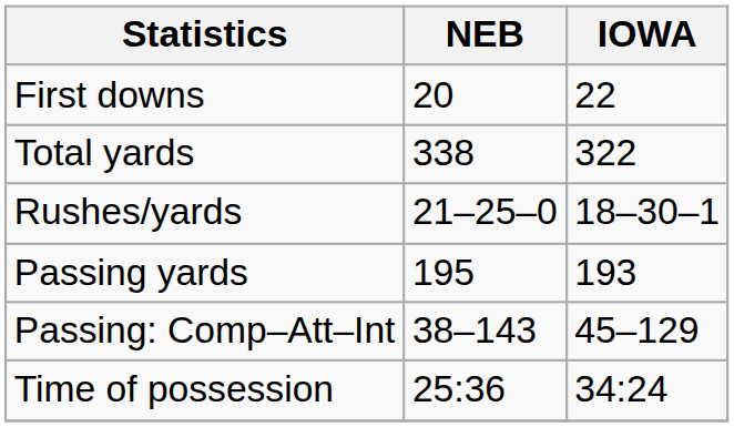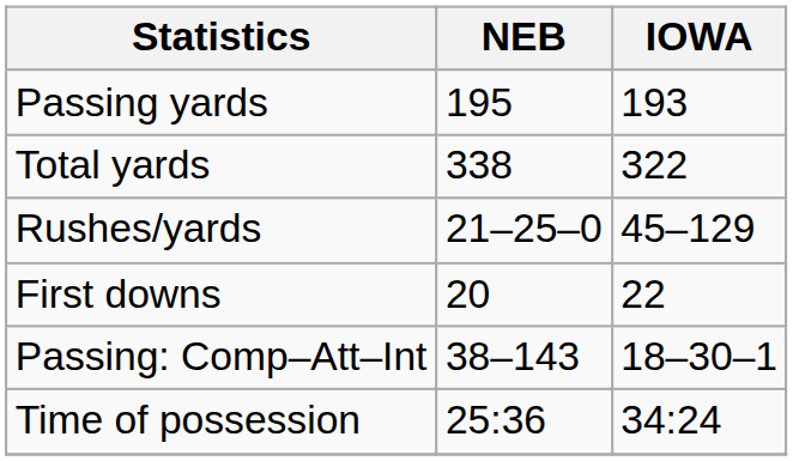 <table class="wikitable" style="float: left;">
 <tr>
 <th>Statistics</th>
 <th>NEB</th>
 <th>IOWA</th>
 </tr>
 <tr>
-<td>First downs</td>
-<td>20</td>
-<td>22</td>
+<td>Passing yards</td>
+<td>195</td>
+<td>193</td>
 </tr>
 <tr>
 <td>Total yards</td>
 <td>338</td>
 <td>322</td>
 </tr>
 <tr>
 <td>Rushes/yards</td>
 <td>21–25–0</td>
-<td>18–30–1</td>
+<td>45–129</td>
 </tr>
 <tr>
-<td>Passing yards</td>
-<td>195</td>
-<td>193</td>
+<td>First downs</td>
+<td>20</td>
+<td>22</td>
 </tr>
 <tr>
 <td>Passing: Comp–Att–Int</td>
 <td>38–143</td>
-<td>45–129</td>
+<td>18–30–1</td>
 </tr>
 <tr>
 <td>Time of possession</td>
 <td>25:36</td>
 <td>34:24</td>
 </tr>
 <tr>
 </tr>
 </table>
